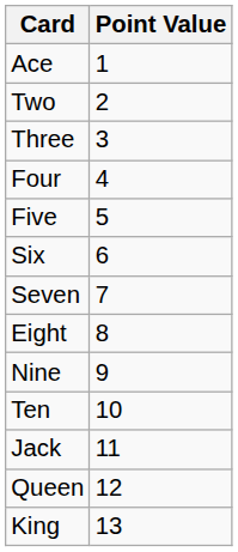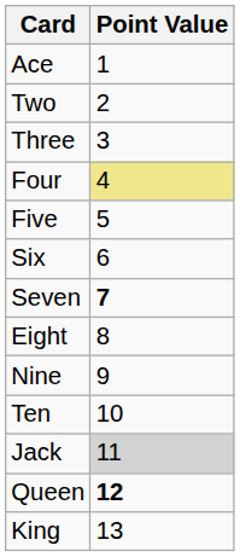 <table class="wikitable">
 <tr>
 <th>Card</th>
 <th>Point Value</th>
 </tr>
 <tr>
 <td>Ace</td>
 <td>1</td>
 </tr>
 <tr>
 <td>Two</td>
 <td>2</td>
 </tr>
 <tr>
 <td>Three</td>
 <td>3</td>
 </tr>
 <tr>
 <td>Four</td>
-<td>4</td>
+<td style="background: khaki;">4</td>
 </tr>
 <tr>
 <td>Five</td>
 <td>5</td>
 </tr>
 <tr>
 <td>Six</td>
 <td>6</td>
 </tr>
 <tr>
 <td>Seven</td>
-<td>7</td>
+<td><strong>7</strong></td>
 </tr>
 <tr>
 <td>Eight</td>
 <td>8</td>
 </tr>
 <tr>
 <td>Nine</td>
 <td>9</td>
 </tr>
 <tr>
 <td>Ten</td>
 <td>10</td>
 </tr>
 <tr>
 <td>Jack</td>
-<td>11</td>
+<td style="background: lightgrey;">11</td>
 </tr>
 <tr>
 <td>Queen</td>
-<td>12</td>
+<td><strong>12</strong></td>
 </tr>
 <tr>
 <td>King</td>
 <td>13</td>
 </tr>
 </table>
